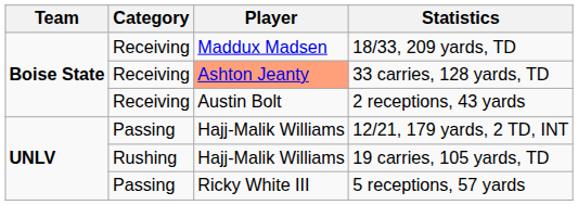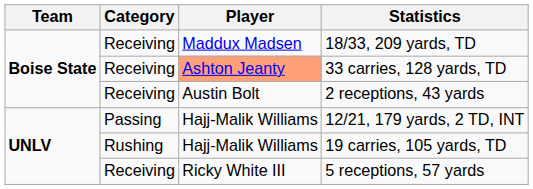 <table class="wikitable" style="float: right;">
 <tr>
 <th>Team</th>
 <th>Category</th>
 <th>Player</th>
 <th>Statistics</th>
 </tr>
 <tr>
 <td rowspan=3><strong>Boise State</strong></td>
 <td>Receiving</td>
 <td><a href='#'>Maddux Madsen</a></td>
 <td>18/33, 209 yards, TD</td>
 </tr>
 <tr>
 <td>Receiving</td>
 <td style="background: lightsalmon;"><a href='#'>Ashton Jeanty</a></td>
 <td>33 carries, 128 yards, TD</td>
 </tr>
 <tr>
 <td>Receiving</td>
 <td>Austin Bolt</td>
 <td>2 receptions, 43 yards</td>
 </tr>
 <tr>
 <td rowspan=3><strong>UNLV</strong></td>
 <td>Passing</td>
 <td>Hajj-Malik Williams</td>
 <td>12/21, 179 yards, 2 TD, INT</td>
 </tr>
 <tr>
 <td>Rushing</td>
 <td>Hajj-Malik Williams</td>
 <td>19 carries, 105 yards, TD</td>
 </tr>
 <tr>
-<td>Passing</td>
+<td>Receiving</td>
 <td>Ricky White III</td>
 <td>5 receptions, 57 yards</td>
 </tr>
 </table>
